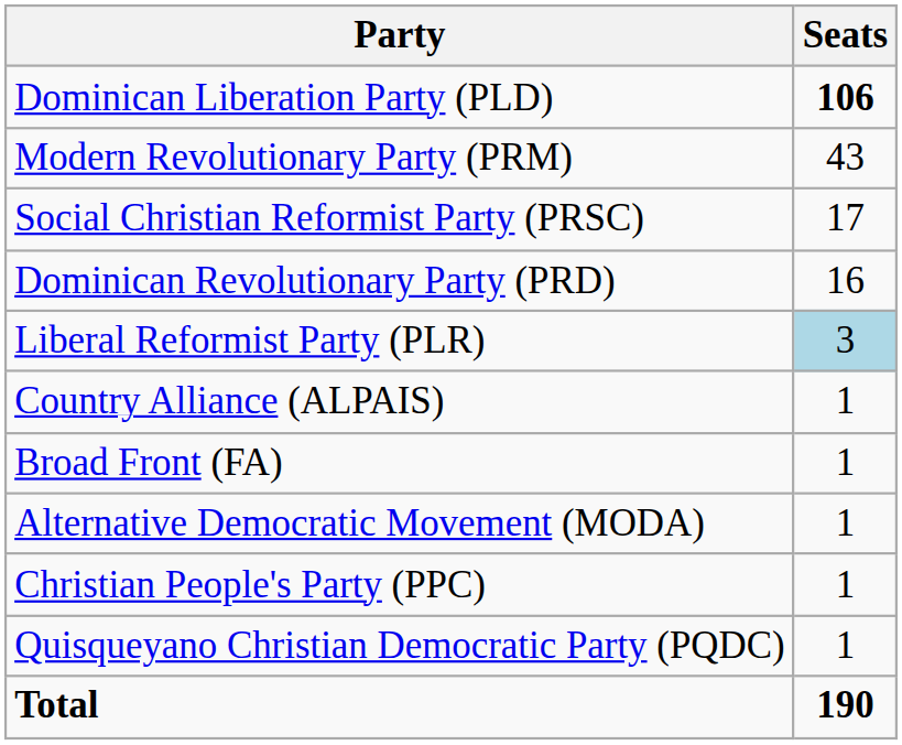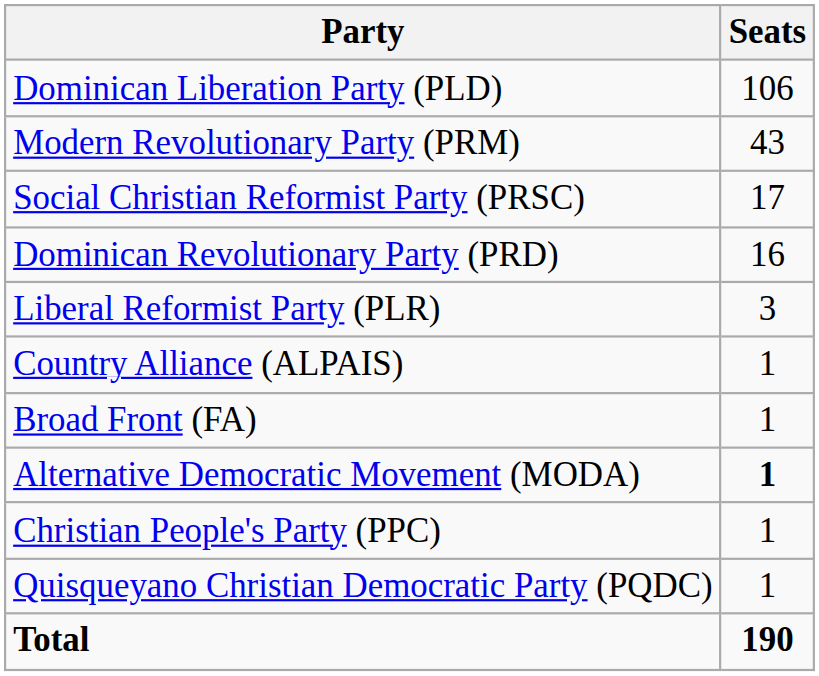 <table class="wikitable" style="text-align:center;">
 <tr>
 <th>Party</th>
 <th>Seats</th>
 </tr>
 <tr>
 <td align="left"><a href='#'>Dominican Liberation Party</a> (PLD)</td>
-<td><strong>106</strong></td>
+<td>106</td>
 </tr>
 <tr>
 <td align="left"><a href='#'>Modern Revolutionary Party</a> (PRM)</td>
 <td>43</td>
 </tr>
 <tr>
 <td align="left"><a href='#'>Social Christian Reformist Party</a> (PRSC)</td>
 <td>17</td>
 </tr>
 <tr>
 <td align="left"><a href='#'>Dominican Revolutionary Party</a> (PRD)</td>
 <td>16</td>
 </tr>
 <tr>
 <td align="left"><a href='#'>Liberal Reformist Party</a> (PLR)</td>
-<td style="background: lightblue;">3</td>
+<td>3</td>
 </tr>
 <tr>
 <td align="left"><a href='#'>Country Alliance</a> (ALPAIS)</td>
 <td>1</td>
 </tr>
 <tr>
 <td align="left"><a href='#'>Broad Front</a> (FA)</td>
 <td>1</td>
 </tr>
 <tr>
 <td align="left"><a href='#'>Alternative Democratic Movement</a> (MODA)</td>
-<td>1</td>
+<td><strong>1</strong></td>
 </tr>
 <tr>
 <td align="left"><a href='#'>Christian People's Party</a> (PPC)</td>
 <td>1</td>
 </tr>
 <tr>
 <td align="left"><a href='#'>Quisqueyano Christian Democratic Party</a> (PQDC)</td>
 <td>1</td>
 </tr>
 <tr>
 <td align="left"><strong>Total</strong></td>
 <td><strong>190</strong></td>
 </tr>
 </table>
